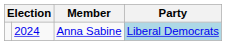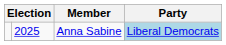 <table class="wikitable">
 <tr>
 <th colspan="2">Election</th>
 <th>Member</th>
 <th>Party</th>
 </tr>
 <tr>
 <td style="color:inherit;background-color: "></td>
-<td><a href='#'>2024</a></td>
+<td><a href='#'>2025</a></td>
 <td><a href='#'>Anna Sabine</a></td>
 <td style="background: lightblue;"><a href='#'>Liberal Democrats</a></td>
 </tr>
 </table>
